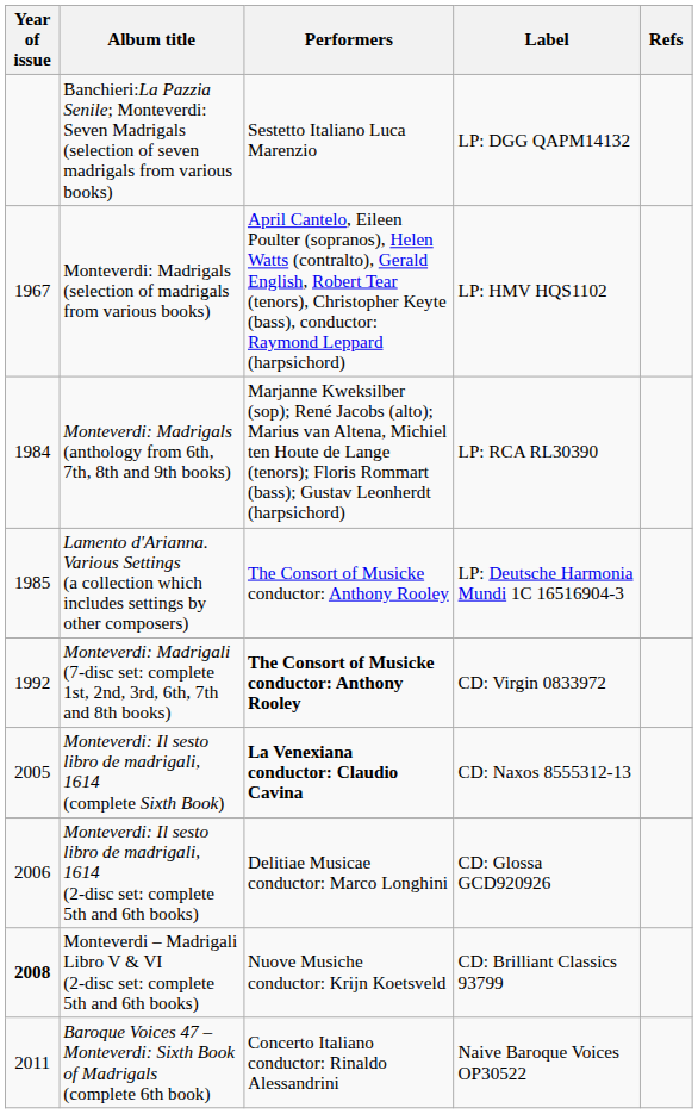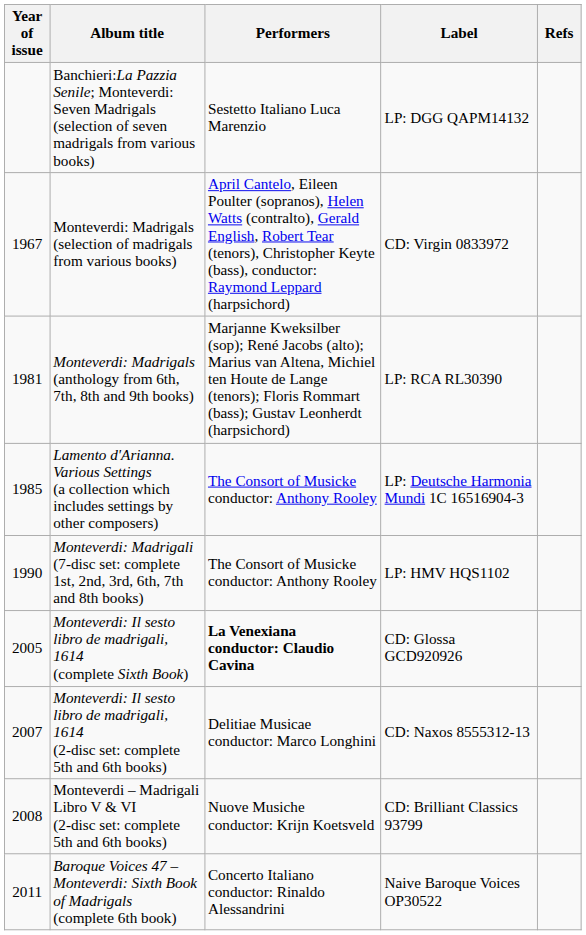 <table class="wikitable">
 <tr>
 <th width= "50">Year of issue</th>
 <th width= "250">Album title</th>
 <th width ="300">Performers</th>
 <th width= "250">Label</th>
 <th width= "50">Refs</th>
 </tr>
 <tr>
 <td align= "center"></td>
 <td>Banchieri:<em>La Pazzia Senile</em>; Monteverdi: Seven Madrigals<br>(selection of seven madrigals from various books)</td>
 <td>Sestetto Italiano Luca Marenzio</td>
 <td>LP: DGG QAPM14132</td>
 <td></td>
 </tr>
 <tr>
 <td align= "center">1967</td>
 <td>Monteverdi: Madrigals<br>(selection of madrigals from various books)</td>
 <td><a href='#'>April Cantelo</a>, Eileen Poulter (sopranos), <a href='#'>Helen Watts</a> (contralto), <a href='#'>Gerald English</a>, <a href='#'>Robert Tear</a> (tenors), Christopher Keyte (bass), conductor: <a href='#'>Raymond Leppard</a> (harpsichord)</td>
-<td>LP: HMV HQS1102</td>
+<td>CD: Virgin 0833972</td>
 <td></td>
 </tr>
 <tr>
-<td align= "center">1984</td>
+<td align= "center">1981</td>
 <td><em>Monteverdi: Madrigals</em><br>(anthology from 6th, 7th, 8th and 9th books)</td>
 <td>Marjanne Kweksilber (sop); René Jacobs (alto); Marius van Altena, Michiel ten Houte de Lange (tenors); Floris Rommart (bass); Gustav Leonherdt (harpsichord)</td>
 <td>LP: RCA RL30390</td>
 <td></td>
 </tr>
 <tr>
 <td align= "center">1985</td>
 <td><em>Lamento d'Arianna. Various Settings</em><br>(a collection which includes settings by other composers)</td>
 <td><a href='#'>The Consort of Musicke</a><br>conductor: <a href='#'>Anthony Rooley</a></td>
 <td>LP: <a href='#'>Deutsche Harmonia Mundi</a> 1C 16516904-3</td>
 <td></td>
 </tr>
 <tr>
-<td align= "center">1992</td>
+<td align= "center">1990</td>
 <td><em>Monteverdi: Madrigali</em><br>(7-disc set: complete 1st, 2nd, 3rd, 6th, 7th and 8th books)</td>
-<td><strong>The Consort of Musicke<br>conductor: Anthony Rooley</strong></td>
-<td>CD: Virgin 0833972</td>
+<td>The Consort of Musicke<br>conductor: Anthony Rooley</td>
+<td>LP: HMV HQS1102</td>
 <td></td>
 </tr>
 <tr>
 <td align= "center">2005</td>
 <td><em>Monteverdi: Il sesto libro de madrigali, 1614</em><br>(complete <em>Sixth Book</em>)</td>
 <td><strong>La Venexiana<br>conductor: Claudio Cavina</strong></td>
+<td>CD: Glossa GCD920926</td>
+<td></td>
+</tr>
+<tr>
+<td align= "center">2007</td>
+<td><em>Monteverdi: Il sesto libro de madrigali, 1614</em><br>(2-disc set: complete 5th and 6th books)</td>
+<td>Delitiae Musicae<br>conductor: Marco Longhini</td>
 <td>CD: Naxos 8555312-13</td>
 <td></td>
 </tr>
 <tr>
-<td align= "center">2006</td>
-<td><em>Monteverdi: Il sesto libro de madrigali, 1614</em><br>(2-disc set: complete 5th and 6th books)</td>
-<td>Delitiae Musicae<br>conductor: Marco Longhini</td>
-<td>CD: Glossa GCD920926</td>
-<td></td>
-</tr>
-<tr>
-<td align= "center"><strong>2008</strong></td>
+<td align= "center">2008</td>
 <td>Monteverdi – Madrigali Libro V & VI<br>(2-disc set: complete 5th and 6th books)</td>
 <td>Nuove Musiche<br>conductor: Krijn Koetsveld</td>
 <td>CD: Brilliant Classics 93799</td>
 <td></td>
 </tr>
 <tr>
 <td align= "center">2011</td>
 <td><em>Baroque Voices 47 – Monteverdi: Sixth Book of Madrigals</em><br>(complete 6th book)</td>
 <td>Concerto Italiano<br>conductor: Rinaldo Alessandrini</td>
 <td>Naive Baroque Voices OP30522</td>
 <td></td>
 </tr>
 </table>
